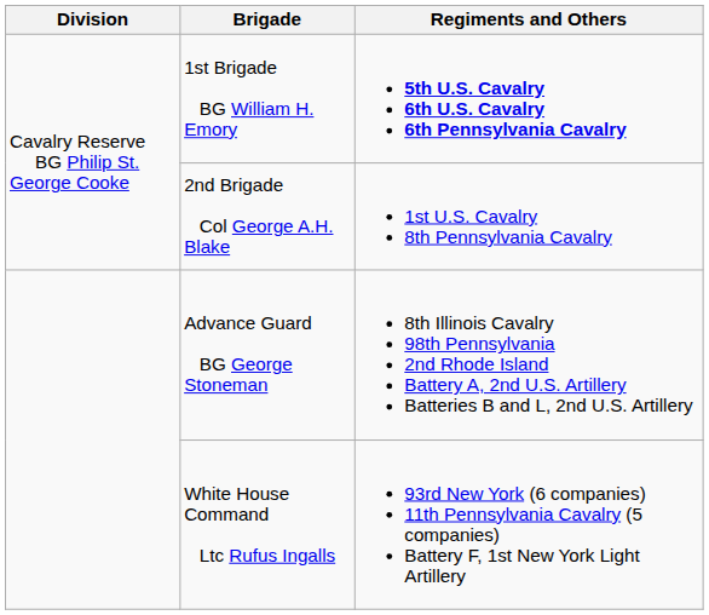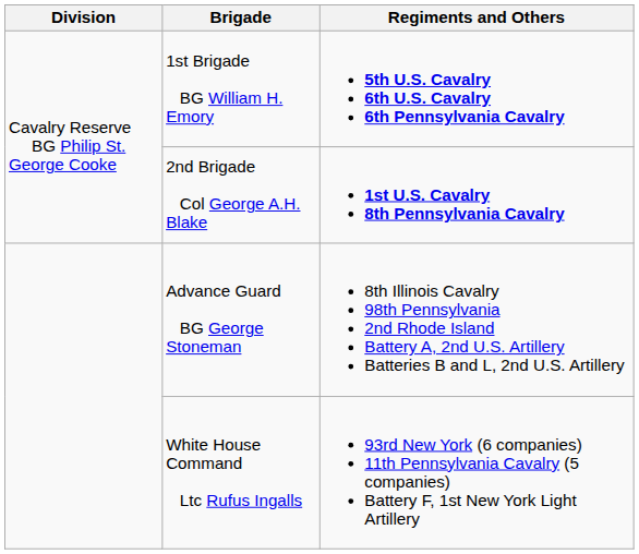 <table class="wikitable">
 <tr>
 <th style="width:25%;">Division</th>
 <th style="width:25%;">Brigade</th>
 <th>Regiments and Others</th>
 </tr>
 <tr>
 <td rowspan=2><br>Cavalry Reserve <br>     BG <a href='#'>Philip St. George Cooke</a></td>
 <td>1st Brigade<br><br>   BG <a href='#'>William H. Emory</a></td>
 <td><strong><br><ul><li><a href='#'>5th U.S. Cavalry</a></li><li><a href='#'>6th U.S. Cavalry</a></li><li><a href='#'>6th Pennsylvania Cavalry</a></li></ul></strong></td>
 </tr>
 <tr>
 <td>2nd Brigade<br><br>   Col <a href='#'>George A.H. Blake</a></td>
-<td><br><ul><li><a href='#'>1st U.S. Cavalry</a></li><li><a href='#'>8th Pennsylvania Cavalry</a></li></ul></td>
+<td><strong><br><ul><li><a href='#'>1st U.S. Cavalry</a></li><li><a href='#'>8th Pennsylvania Cavalry</a></li></ul></strong></td>
 </tr>
 <tr>
 <td rowspan=2></td>
 <td>Advance Guard<br><br>   BG <a href='#'>George Stoneman</a></td>
 <td><br><ul><li>8th Illinois Cavalry</li><li><a href='#'>98th Pennsylvania</a></li><li><a href='#'>2nd Rhode Island</a></li><li><a href='#'>Battery A, 2nd U.S. Artillery</a></li><li>Batteries B and L, 2nd U.S. Artillery</li></ul></td>
 </tr>
 <tr>
 <td>White House Command<br><br>   Ltc <a href='#'>Rufus Ingalls</a></td>
 <td><br><ul><li><a href='#'>93rd New York</a> (6 companies)</li><li><a href='#'>11th Pennsylvania Cavalry</a> (5 companies)</li><li>Battery F, 1st New York Light Artillery</li></ul></td>
 </tr>
 </table>
